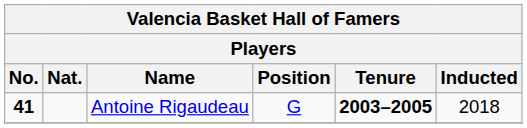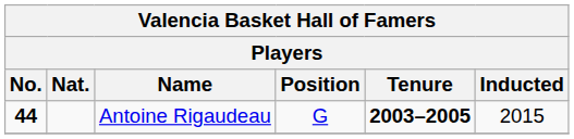 <table class="wikitable sortable" style="text-align:center">
 <tr>
 <th colspan="6">Valencia Basket Hall of Famers</th>
 </tr>
 <tr>
 <th colspan="6">Players</th>
 </tr>
 <tr>
 <th>No.</th>
 <th>Nat.</th>
 <th>Name</th>
 <th>Position</th>
 <th>Tenure</th>
 <th>Inducted</th>
 </tr>
 <tr>
-<td><strong>41</strong></td>
+<td><strong>44</strong></td>
 <td></td>
 <td><a href='#'>Antoine Rigaudeau</a></td>
 <td><a href='#'>G</a></td>
 <td><strong>2003–2005</strong></td>
-<td>2018</td>
+<td>2015</td>
 </tr>
 <tr>
 </tr>
 </table>
